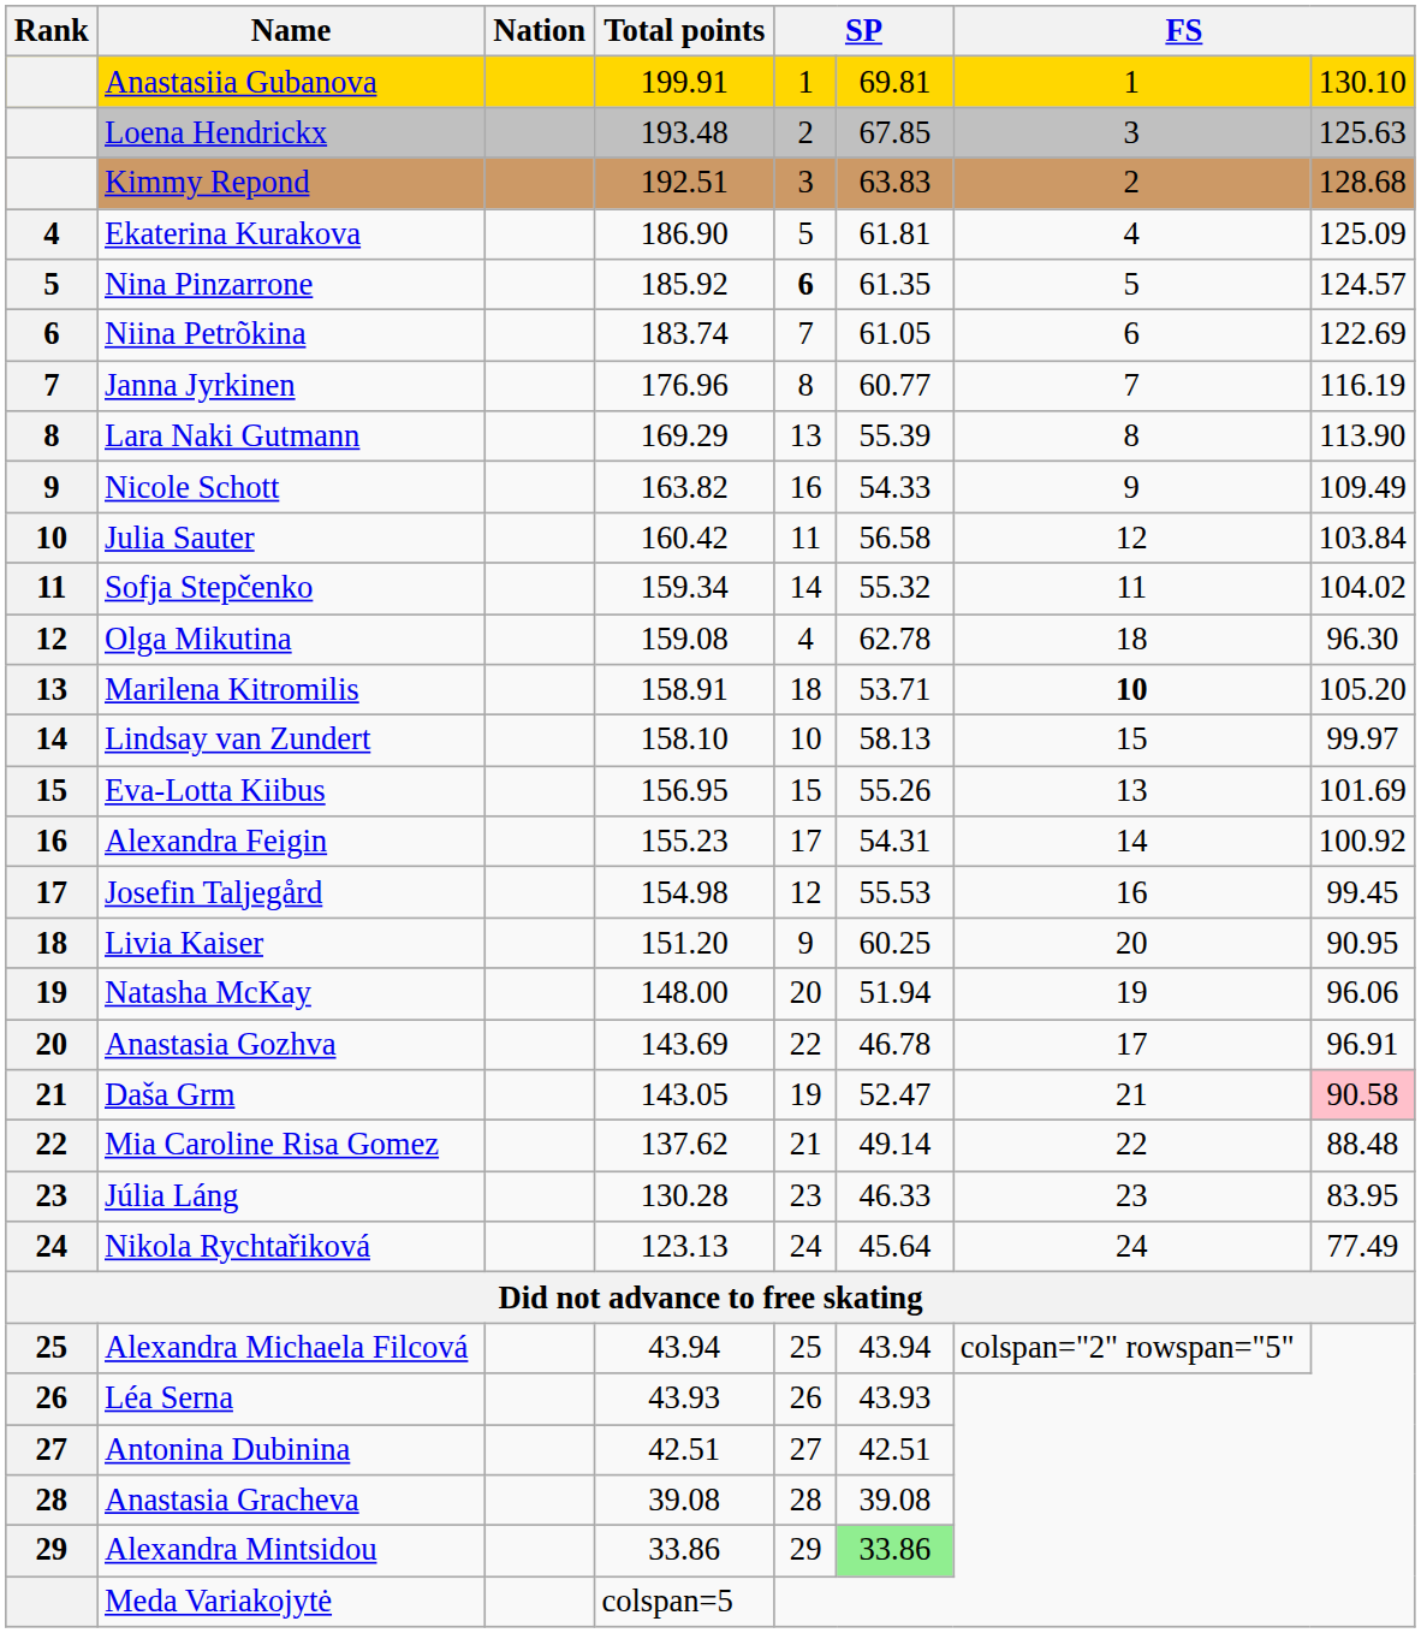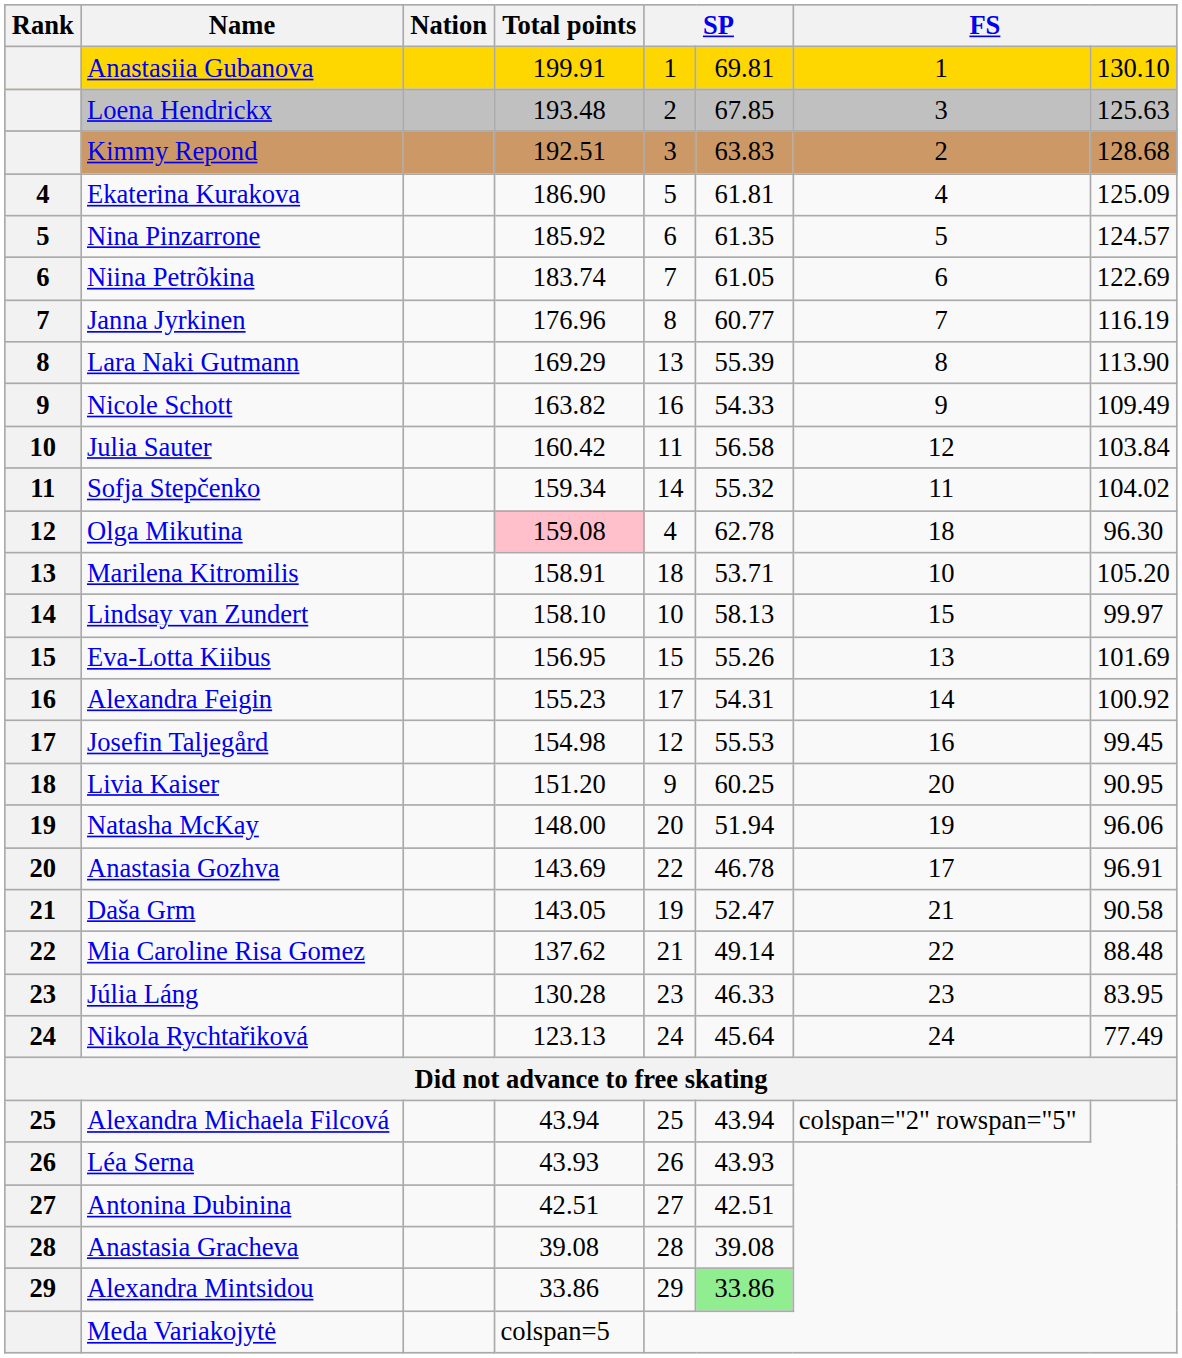 <table class="wikitable sortable" style="text-align:left; width:80%">
 <tr>
 <th scope="col">Rank</th>
 <th scope="col">Name</th>
 <th scope="col">Nation</th>
 <th scope="col">Total points</th>
 <th scope="col" colspan="2" width="80px"><a href='#'>SP</a></th>
 <th scope="col" colspan="2" width="80px"><a href='#'>FS</a></th>
 </tr>
 <tr bgcolor="gold">
 <th scope="row"></th>
 <td><a href='#'>Anastasiia Gubanova</a></td>
 <td></td>
 <td align="center">199.91</td>
 <td align="center">1</td>
 <td align="center">69.81</td>
 <td align="center">1</td>
 <td align="center">130.10</td>
 </tr>
 <tr bgcolor="silver">
 <th scope="row"></th>
 <td><a href='#'>Loena Hendrickx</a></td>
 <td></td>
 <td align="center">193.48</td>
 <td align="center">2</td>
 <td align="center">67.85</td>
 <td align="center">3</td>
 <td align="center">125.63</td>
 </tr>
 <tr bgcolor="#cc9966">
 <th scope="row"></th>
 <td><a href='#'>Kimmy Repond</a></td>
 <td></td>
 <td align="center">192.51</td>
 <td align="center">3</td>
 <td align="center">63.83</td>
 <td align="center">2</td>
 <td align="center">128.68</td>
 </tr>
 <tr>
 <th scope="row">4</th>
 <td><a href='#'>Ekaterina Kurakova</a></td>
 <td></td>
 <td align="center">186.90</td>
 <td align="center">5</td>
 <td align="center">61.81</td>
 <td align="center">4</td>
 <td align="center">125.09</td>
 </tr>
 <tr>
 <th scope="row">5</th>
 <td><a href='#'>Nina Pinzarrone</a></td>
 <td></td>
 <td align="center">185.92</td>
-<td align="center"><strong>6</strong></td>
+<td align="center">6</td>
 <td align="center">61.35</td>
 <td align="center">5</td>
 <td align="center">124.57</td>
 </tr>
 <tr>
 <th scope="row">6</th>
 <td><a href='#'>Niina Petrõkina</a></td>
 <td></td>
 <td align="center">183.74</td>
 <td align="center">7</td>
 <td align="center">61.05</td>
 <td align="center">6</td>
 <td align="center">122.69</td>
 </tr>
 <tr>
 <th scope="row">7</th>
 <td><a href='#'>Janna Jyrkinen</a></td>
 <td></td>
 <td align="center">176.96</td>
 <td align="center">8</td>
 <td align="center">60.77</td>
 <td align="center">7</td>
 <td align="center">116.19</td>
 </tr>
 <tr>
 <th scope="row">8</th>
 <td><a href='#'>Lara Naki Gutmann</a></td>
 <td></td>
 <td align="center">169.29</td>
 <td align="center">13</td>
 <td align="center">55.39</td>
 <td align="center">8</td>
 <td align="center">113.90</td>
 </tr>
 <tr>
 <th scope="row">9</th>
 <td><a href='#'>Nicole Schott</a></td>
 <td></td>
 <td align="center">163.82</td>
 <td align="center">16</td>
 <td align="center">54.33</td>
 <td align="center">9</td>
 <td align="center">109.49</td>
 </tr>
 <tr>
 <th scope="row">10</th>
 <td><a href='#'>Julia Sauter</a></td>
 <td></td>
 <td align="center">160.42</td>
 <td align="center">11</td>
 <td align="center">56.58</td>
 <td align="center">12</td>
 <td align="center">103.84</td>
 </tr>
 <tr>
 <th scope="row">11</th>
 <td><a href='#'>Sofja Stepčenko</a></td>
 <td></td>
 <td align="center">159.34</td>
 <td align="center">14</td>
 <td align="center">55.32</td>
 <td align="center">11</td>
 <td align="center">104.02</td>
 </tr>
 <tr>
 <th scope="row">12</th>
 <td><a href='#'>Olga Mikutina</a></td>
 <td></td>
-<td align="center">159.08</td>
+<td align="center" style="background: pink;">159.08</td>
 <td align="center">4</td>
 <td align="center">62.78</td>
 <td align="center">18</td>
 <td align="center">96.30</td>
 </tr>
 <tr>
 <th scope="row">13</th>
 <td><a href='#'>Marilena Kitromilis</a></td>
 <td></td>
 <td align="center">158.91</td>
 <td align="center">18</td>
 <td align="center">53.71</td>
-<td align="center"><strong>10</strong></td>
+<td align="center">10</td>
 <td align="center">105.20</td>
 </tr>
 <tr>
 <th scope="row">14</th>
 <td><a href='#'>Lindsay van Zundert</a></td>
 <td></td>
 <td align="center">158.10</td>
 <td align="center">10</td>
 <td align="center">58.13</td>
 <td align="center">15</td>
 <td align="center">99.97</td>
 </tr>
 <tr>
 <th scope="row">15</th>
 <td><a href='#'>Eva-Lotta Kiibus</a></td>
 <td></td>
 <td align="center">156.95</td>
 <td align="center">15</td>
 <td align="center">55.26</td>
 <td align="center">13</td>
 <td align="center">101.69</td>
 </tr>
 <tr>
 <th scope="row">16</th>
 <td><a href='#'>Alexandra Feigin</a></td>
 <td></td>
 <td align="center">155.23</td>
 <td align="center">17</td>
 <td align="center">54.31</td>
 <td align="center">14</td>
 <td align="center">100.92</td>
 </tr>
 <tr>
 <th scope="row">17</th>
 <td><a href='#'>Josefin Taljegård</a></td>
 <td></td>
 <td align="center">154.98</td>
 <td align="center">12</td>
 <td align="center">55.53</td>
 <td align="center">16</td>
 <td align="center">99.45</td>
 </tr>
 <tr>
 <th scope="row">18</th>
 <td><a href='#'>Livia Kaiser</a></td>
 <td></td>
 <td align="center">151.20</td>
 <td align="center">9</td>
 <td align="center">60.25</td>
 <td align="center">20</td>
 <td align="center">90.95</td>
 </tr>
 <tr>
 <th scope="row">19</th>
 <td><a href='#'>Natasha McKay</a></td>
 <td></td>
 <td align="center">148.00</td>
 <td align="center">20</td>
 <td align="center">51.94</td>
 <td align="center">19</td>
 <td align="center">96.06</td>
 </tr>
 <tr>
 <th scope="row">20</th>
 <td><a href='#'>Anastasia Gozhva</a></td>
 <td></td>
 <td align="center">143.69</td>
 <td align="center">22</td>
 <td align="center">46.78</td>
 <td align="center">17</td>
 <td align="center">96.91</td>
 </tr>
 <tr>
 <th scope="row">21</th>
 <td><a href='#'>Daša Grm</a></td>
 <td></td>
 <td align="center">143.05</td>
 <td align="center">19</td>
 <td align="center">52.47</td>
 <td align="center">21</td>
-<td align="center" style="background: pink;">90.58</td>
+<td align="center">90.58</td>
 </tr>
 <tr>
 <th scope="row">22</th>
 <td><a href='#'>Mia Caroline Risa Gomez</a></td>
 <td></td>
 <td align="center">137.62</td>
 <td align="center">21</td>
 <td align="center">49.14</td>
 <td align="center">22</td>
 <td align="center">88.48</td>
 </tr>
 <tr>
 <th scope="row">23</th>
 <td><a href='#'>Júlia Láng</a></td>
 <td></td>
 <td align="center">130.28</td>
 <td align="center">23</td>
 <td align="center">46.33</td>
 <td align="center">23</td>
 <td align="center">83.95</td>
 </tr>
 <tr>
 <th scope="row">24</th>
 <td><a href='#'>Nikola Rychtařiková</a></td>
 <td></td>
 <td align="center">123.13</td>
 <td align="center">24</td>
 <td align="center">45.64</td>
 <td align="center">24</td>
 <td align="center">77.49</td>
 </tr>
 <tr>
 <th colspan=8>Did not advance to free skating</th>
 </tr>
 <tr>
 <th scope="row">25</th>
 <td><a href='#'>Alexandra Michaela Filcová</a></td>
 <td></td>
 <td align="center">43.94</td>
 <td align="center">25</td>
 <td align="center">43.94</td>
 <td>colspan="2" rowspan="5" </td>
 </tr>
 <tr>
 <th scope="row">26</th>
 <td><a href='#'>Léa Serna</a></td>
 <td></td>
 <td align="center">43.93</td>
 <td align="center">26</td>
 <td align="center">43.93</td>
 </tr>
 <tr>
 <th scope="row">27</th>
 <td><a href='#'>Antonina Dubinina</a></td>
 <td></td>
 <td align="center">42.51</td>
 <td align="center">27</td>
 <td align="center">42.51</td>
 </tr>
 <tr>
 <th scope="row">28</th>
 <td><a href='#'>Anastasia Gracheva</a></td>
 <td></td>
 <td align="center">39.08</td>
 <td align="center">28</td>
 <td align="center">39.08</td>
 </tr>
 <tr>
 <th scope="row">29</th>
 <td><a href='#'>Alexandra Mintsidou</a></td>
 <td></td>
 <td align="center">33.86</td>
 <td align="center">29</td>
 <td align="center" style="background: lightgreen;">33.86</td>
 </tr>
 <tr>
 <th scope="row"></th>
 <td><a href='#'>Meda Variakojytė</a></td>
 <td></td>
 <td>colspan=5 </td>
 </tr>
 </table>
